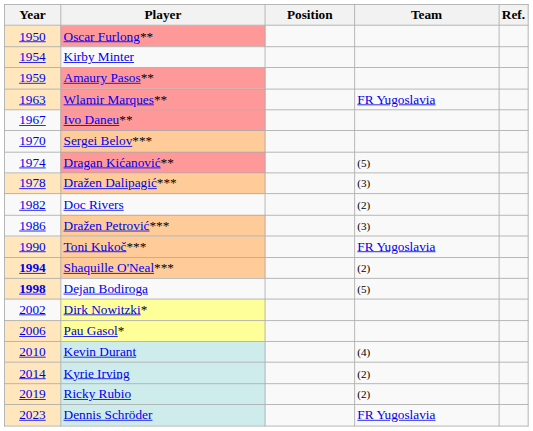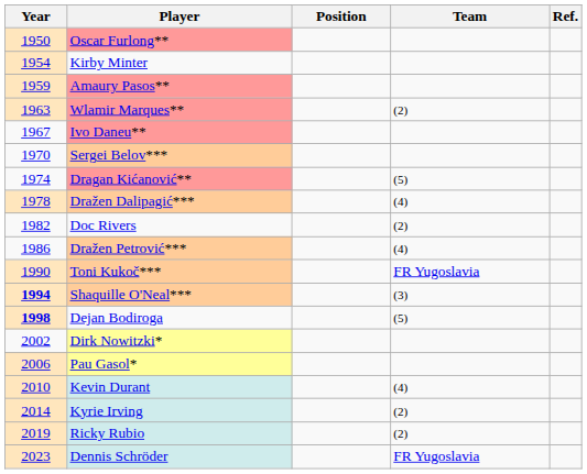 <table class="wikitable plainrowheaders sortable" style="width: 50%; text-align:left" summary="Season (sortable), Player (sortable), Position (sortable), Nationality (sortable) and Team (sortable)">
 <tr>
 <th scope="col">Year</th>
 <th scope="col">Player</th>
 <th scope="col">Position</th>
 <th scope="col">Team</th>
 <th width=5%>Ref.</th>
 </tr>
 <tr>
 <td scope="row" style="background-color:#FFE6BD; text-align: center"><a href='#'>1950</a></td>
 <td scope="row" style="background-color:#FF9999; align=left"><a href='#'>Oscar Furlong</a>**</td>
 <td align=left></td>
 <td align=left></td>
 <td></td>
 </tr>
 <tr>
 <td scope="row" style="background-color:#FFE6BD; text-align: center"><a href='#'>1954</a></td>
 <td align=left><a href='#'>Kirby Minter</a></td>
 <td align=left></td>
 <td align=left></td>
 <td></td>
 </tr>
 <tr>
 <td scope="row" style="background-color:#FFE6BD; text-align: center"><a href='#'>1959</a></td>
 <td scope="row" style="background-color:#FF9999; align=left"><a href='#'>Amaury Pasos</a>**</td>
 <td align=left></td>
 <td align=left></td>
 <td></td>
 </tr>
 <tr>
 <td scope="row" style="background-color:#FFE6BD; text-align: center"><a href='#'>1963</a></td>
 <td scope="row" style="background-color:#FF9999; align=left"><a href='#'>Wlamir Marques</a>**</td>
 <td align=left></td>
-<td align=left> <a href='#'>FR Yugoslavia</a> <small></small></td>
+<td align=left> <small>(2)</small></td>
 <td></td>
 </tr>
 <tr>
 <td style="text-align: center"><a href='#'>1967</a></td>
 <td scope="row" style="background-color:#FF9999; align=left"><a href='#'>Ivo Daneu</a>**</td>
 <td align=left></td>
 <td align=left></td>
 <td></td>
 </tr>
 <tr>
 <td style="text-align: center"><a href='#'>1970</a></td>
 <td scope="row" style="background-color:#FFCC99; align=left"><a href='#'>Sergei Belov</a>***</td>
 <td align=left></td>
 <td align=left></td>
 <td></td>
 </tr>
 <tr>
 <td style="text-align: center"><a href='#'>1974</a></td>
 <td scope="row" style="background-color:#FF9999; align=left"><a href='#'>Dragan Kićanović</a>**</td>
 <td align=left></td>
 <td align=left> <small>(5)</small></td>
 <td></td>
 </tr>
 <tr>
 <td scope="row" style="background-color:#FFE6BD; text-align: center"><a href='#'>1978</a></td>
 <td scope="row" style="background-color:#FFCC99; align=left"><a href='#'>Dražen Dalipagić</a>***</td>
 <td align=left></td>
-<td align=left> <small>(3)</small></td>
+<td align=left> <small>(4)</small></td>
 <td></td>
 </tr>
 <tr>
 <td style="text-align: center"><a href='#'>1982</a></td>
 <td align=left><a href='#'>Doc Rivers</a></td>
 <td align=left></td>
 <td align=left> <small>(2)</small></td>
 <td></td>
 </tr>
 <tr>
 <td style="text-align: center"><a href='#'>1986</a></td>
 <td scope="row" style="background-color:#FFCC99; align=left"><a href='#'>Dražen Petrović</a>***</td>
 <td align=left></td>
-<td align=left> <small>(3)</small></td>
+<td align=left> <small>(4)</small></td>
 <td></td>
 </tr>
 <tr>
 <td scope="row" style="background-color:#FFE6BD; text-align: center"><a href='#'>1990</a></td>
 <td scope="row" style="background-color:#FFCC99; align=left"><a href='#'>Toni Kukoč</a>***</td>
 <td align=left></td>
 <td align=left> <a href='#'>FR Yugoslavia</a> <small></small></td>
 <td></td>
 </tr>
 <tr>
 <td scope="row" style="background-color:#FFE6BD; text-align: center"><strong><a href='#'>1994</a></strong></td>
 <td scope="row" style="background-color:#FFCC99; align=left"><a href='#'>Shaquille O'Neal</a>***</td>
 <td align=left></td>
-<td align=left> <small>(2)</small></td>
+<td align=left> <small>(3)</small></td>
 <td></td>
 </tr>
 <tr>
 <td scope="row" style="background-color:#FFE6BD; text-align: center"><strong><a href='#'>1998</a></strong></td>
 <td align=left><a href='#'>Dejan Bodiroga</a></td>
 <td align=left></td>
 <td align=left> <small>(5)</small></td>
 <td></td>
 </tr>
 <tr>
 <td style="text-align: center"><a href='#'>2002</a></td>
 <td scope="row" style="background-color:#FFFF99; align=left"><a href='#'>Dirk Nowitzki</a>*</td>
 <td align=left></td>
 <td align=left></td>
 <td></td>
 </tr>
 <tr>
 <td scope="row" style="background-color:#FFE6BD; text-align: center"><a href='#'>2006</a></td>
 <td scope="row" style="background-color:#FFFF99; align=left"><a href='#'>Pau Gasol</a>*</td>
 <td align=left></td>
 <td align=left></td>
 <td></td>
 </tr>
 <tr>
 <td scope="row" style="background-color:#FFE6BD; text-align: center"><a href='#'>2010</a></td>
 <td scope="row" style="background-color:#CFECEC; align=left"><a href='#'>Kevin Durant</a></td>
 <td align=left></td>
 <td align=left> <small>(4)</small></td>
 <td></td>
 </tr>
 <tr>
 <td scope="row" style="background-color:#FFE6BD; text-align: center"><a href='#'>2014</a></td>
 <td scope="row" style="background-color:#CFECEC; align=left"><a href='#'>Kyrie Irving</a></td>
 <td align=left></td>
 <td align=left> <small>(2)</small></td>
 <td></td>
 </tr>
 <tr>
 <td scope="row" style="background-color:#FFE6BD; text-align: center"><a href='#'>2019</a></td>
 <td scope="row" style="background-color:#CFECEC; align=left"><a href='#'>Ricky Rubio</a></td>
 <td align=left></td>
 <td align=left> <small>(2)</small></td>
 <td></td>
 </tr>
 <tr>
 <td scope="row" style="background-color:#FFE6BD; text-align: center"><a href='#'>2023</a></td>
 <td scope="row" style="background-color:#CFECEC; align=left"><a href='#'>Dennis Schröder</a></td>
 <td align=left></td>
 <td align=left> <a href='#'>FR Yugoslavia</a> <small></small></td>
 <td></td>
 </tr>
 </table>
